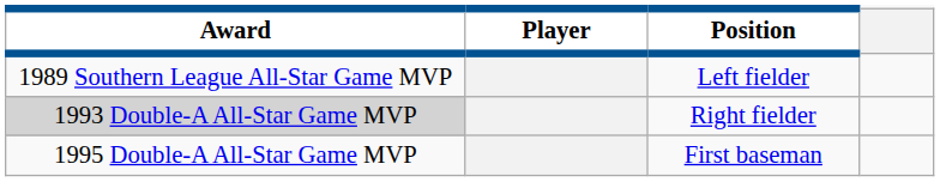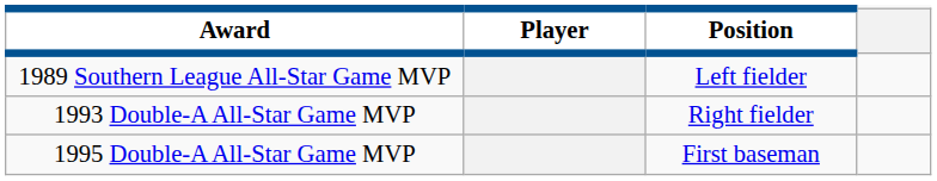 <table class="wikitable sortable plainrowheaders" style="text-align:center">
 <tr>
 <th width="290px" scope="col" style="background-color:#ffffff; border-top:#025291 5px solid; border-bottom:#025291 5px solid">Award</th>
 <th width="110px" scope="col" style="background-color:#ffffff; border-top:#025291 5px solid; border-bottom:#025291 5px solid">Player</th>
 <th width="130px" scope="col" style="background-color:#ffffff; border-top:#025291 5px solid; border-bottom:#025291 5px solid">Position</th>
 <th style="width:40px" class="unsortable" scope="col" style="background-color:#ffffff; border-top:#025291 5px solid; border-bottom:#025291 5px solid"></th>
 </tr>
 <tr>
 <td>1989 <a href='#'>Southern League All-Star Game</a> MVP</td>
 <th scope="row" style="text-align:center"></th>
 <td><a href='#'>Left fielder</a></td>
 <td></td>
 </tr>
 <tr>
-<td style="background: lightgrey;">1993 <a href='#'>Double-A All-Star Game</a> MVP</td>
+<td>1993 <a href='#'>Double-A All-Star Game</a> MVP</td>
 <th scope="row" style="text-align:center"></th>
 <td><a href='#'>Right fielder</a></td>
 <td></td>
 </tr>
 <tr>
 <td>1995 <a href='#'>Double-A All-Star Game</a> MVP</td>
 <th scope="row" style="text-align:center"></th>
 <td><a href='#'>First baseman</a></td>
 <td></td>
 </tr>
 </table>
